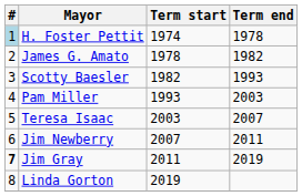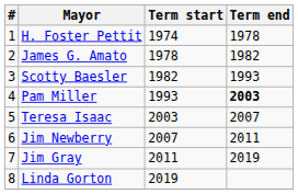 <table class="wikitable sortable">
 <tr>
 <th align=center>#</th>
 <th>Mayor</th>
 <th>Term start</th>
 <th>Term end</th>
 </tr>
 <tr>
-<td style="background: lightblue;">1</td>
+<td>1</td>
 <td><a href='#'>H. Foster Pettit</a></td>
 <td>1974</td>
 <td>1978</td>
 </tr>
 <tr>
 <td>2</td>
 <td><a href='#'>James G. Amato</a></td>
 <td>1978</td>
 <td>1982</td>
 </tr>
 <tr>
 <td>3</td>
 <td><a href='#'>Scotty Baesler</a></td>
 <td>1982</td>
 <td>1993</td>
 </tr>
 <tr>
 <td>4</td>
 <td><a href='#'>Pam Miller</a></td>
 <td>1993</td>
-<td>2003</td>
+<td><strong>2003</strong></td>
 </tr>
 <tr>
 <td>5</td>
 <td><a href='#'>Teresa Isaac</a></td>
 <td>2003</td>
 <td>2007</td>
 </tr>
 <tr>
 <td>6</td>
 <td><a href='#'>Jim Newberry</a></td>
 <td>2007</td>
 <td>2011</td>
 </tr>
 <tr>
-<td><strong>7</strong></td>
+<td>7</td>
 <td><a href='#'>Jim Gray</a></td>
 <td>2011</td>
 <td>2019</td>
 </tr>
 <tr>
 <td>8</td>
 <td><a href='#'>Linda Gorton</a></td>
 <td>2019</td>
 <td></td>
 </tr>
 <tr>
 </tr>
 </table>
